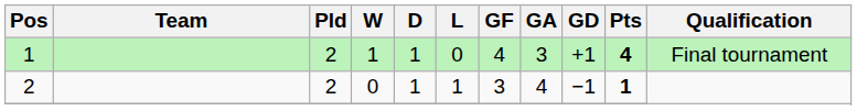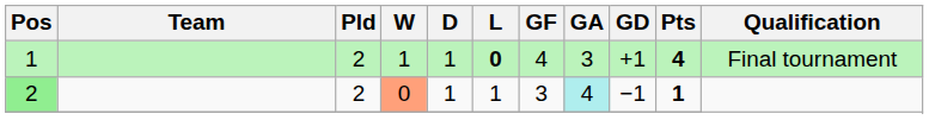 <table class="wikitable" border="1" style="text-align: center;">
 <tr>
 <th width="25"><abbr>Pos</abbr></th>
 <th width="190">Team</th>
 <th width="25"><abbr>Pld</abbr></th>
 <th width="25"><abbr>W</abbr></th>
 <th width="25"><abbr>D</abbr></th>
 <th width="25"><abbr>L</abbr></th>
 <th width="25"><abbr>GF</abbr></th>
 <th width="25"><abbr>GA</abbr></th>
 <th width="25"><abbr>GD</abbr></th>
 <th width="25"><abbr>Pts</abbr></th>
 <th width="150">Qualification</th>
 </tr>
 <tr bgcolor = #BBF3BB>
 <td>1</td>
 <td align="left"></td>
 <td>2</td>
 <td>1</td>
 <td>1</td>
-<td>0</td>
+<td><strong>0</strong></td>
 <td>4</td>
 <td>3</td>
 <td>+1</td>
 <td><strong>4</strong></td>
 <td>Final tournament</td>
 </tr>
 <tr>
-<td>2</td>
+<td style="background: lightgreen;">2</td>
 <td align="left"></td>
 <td>2</td>
-<td>0</td>
+<td style="background: lightsalmon;">0</td>
 <td>1</td>
 <td>1</td>
 <td>3</td>
-<td>4</td>
+<td style="background: paleturquoise;">4</td>
 <td>−1</td>
 <td><strong>1</strong></td>
 </tr>
 <tr>
 </tr>
 </table>
